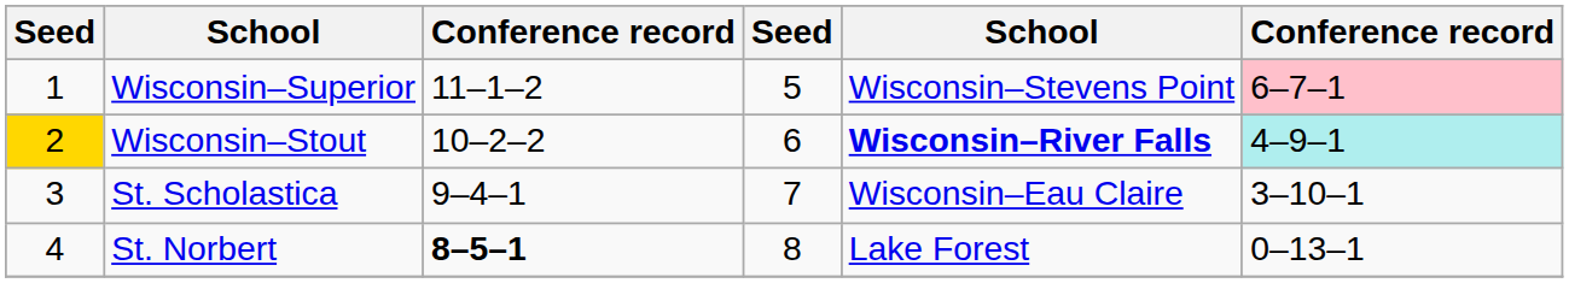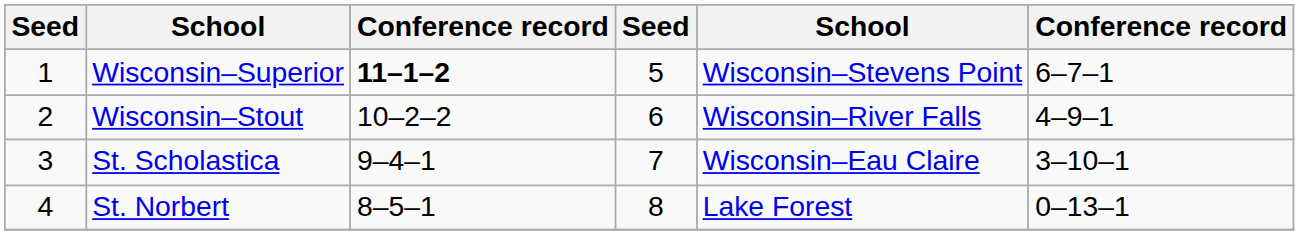 <table class="wikitable">
 <tr>
 <th>Seed</th>
 <th>School</th>
 <th>Conference record</th>
 <th>Seed</th>
 <th>School</th>
 <th>Conference record</th>
 </tr>
 <tr>
 <td align=center>1</td>
 <td><a href='#'>Wisconsin–Superior</a></td>
-<td>11–1–2</td>
+<td><strong>11–1–2</strong></td>
 <td align=center>5</td>
 <td><a href='#'>Wisconsin–Stevens Point</a></td>
-<td style="background: pink;">6–7–1</td>
+<td>6–7–1</td>
 </tr>
 <tr>
-<td align=center style="background: gold;">2</td>
+<td align=center>2</td>
 <td><a href='#'>Wisconsin–Stout</a></td>
 <td>10–2–2</td>
 <td align=center>6</td>
-<td><strong><a href='#'>Wisconsin–River Falls</a></strong></td>
-<td style="background: paleturquoise;">4–9–1</td>
+<td><a href='#'>Wisconsin–River Falls</a></td>
+<td>4–9–1</td>
 </tr>
 <tr>
 <td align=center>3</td>
 <td><a href='#'>St. Scholastica</a></td>
 <td>9–4–1</td>
 <td align=center>7</td>
 <td><a href='#'>Wisconsin–Eau Claire</a></td>
 <td>3–10–1</td>
 </tr>
 <tr>
 <td align=center>4</td>
 <td><a href='#'>St. Norbert</a></td>
-<td><strong>8–5–1</strong></td>
+<td>8–5–1</td>
 <td align=center>8</td>
 <td><a href='#'>Lake Forest</a></td>
 <td>0–13–1</td>
 </tr>
 <tr>
 </tr>
 </table>
